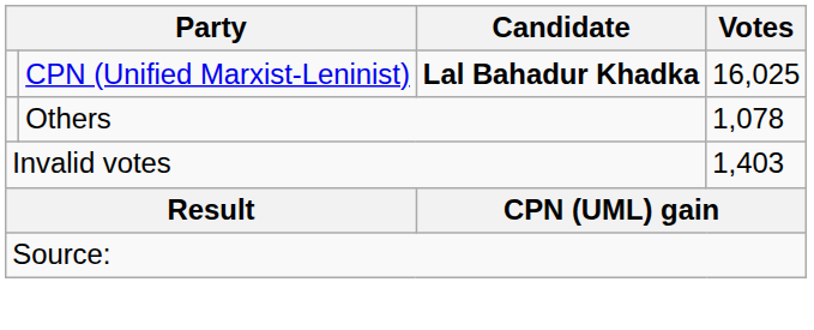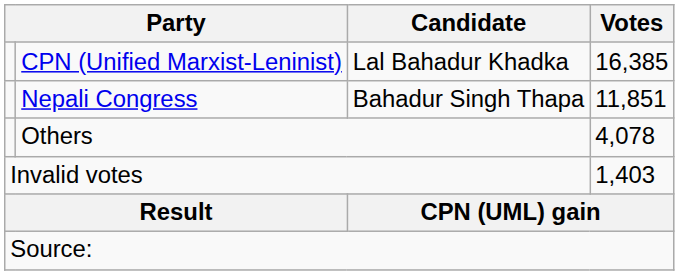 <table class="wikitable">
 <tr>
 <th colspan="2">Party</th>
 <th>Candidate</th>
 <th>Votes</th>
 </tr>
 <tr>
 <td style="background-color:"></td>
 <td><a href='#'>CPN (Unified Marxist-Leninist)</a></td>
-<td><strong>Lal Bahadur Khadka</strong></td>
-<td>16,025</td>
+<td>Lal Bahadur Khadka</td>
+<td>16,385</td>
+</tr>
+<tr>
+<td style="background-color:"></td>
+<td><a href='#'>Nepali Congress</a></td>
+<td>Bahadur Singh Thapa</td>
+<td>11,851</td>
 </tr>
 <tr>
 <td></td>
 <td colspan="2">Others</td>
-<td>1,078</td>
+<td>4,078</td>
 </tr>
 <tr>
 <td colspan="3">Invalid votes</td>
 <td>1,403</td>
 </tr>
 <tr>
 <th colspan="2">Result</th>
 <th colspan="2">CPN (UML) gain</th>
 </tr>
 <tr>
 <td colspan="4">Source: </td>
 </tr>
 </table>
